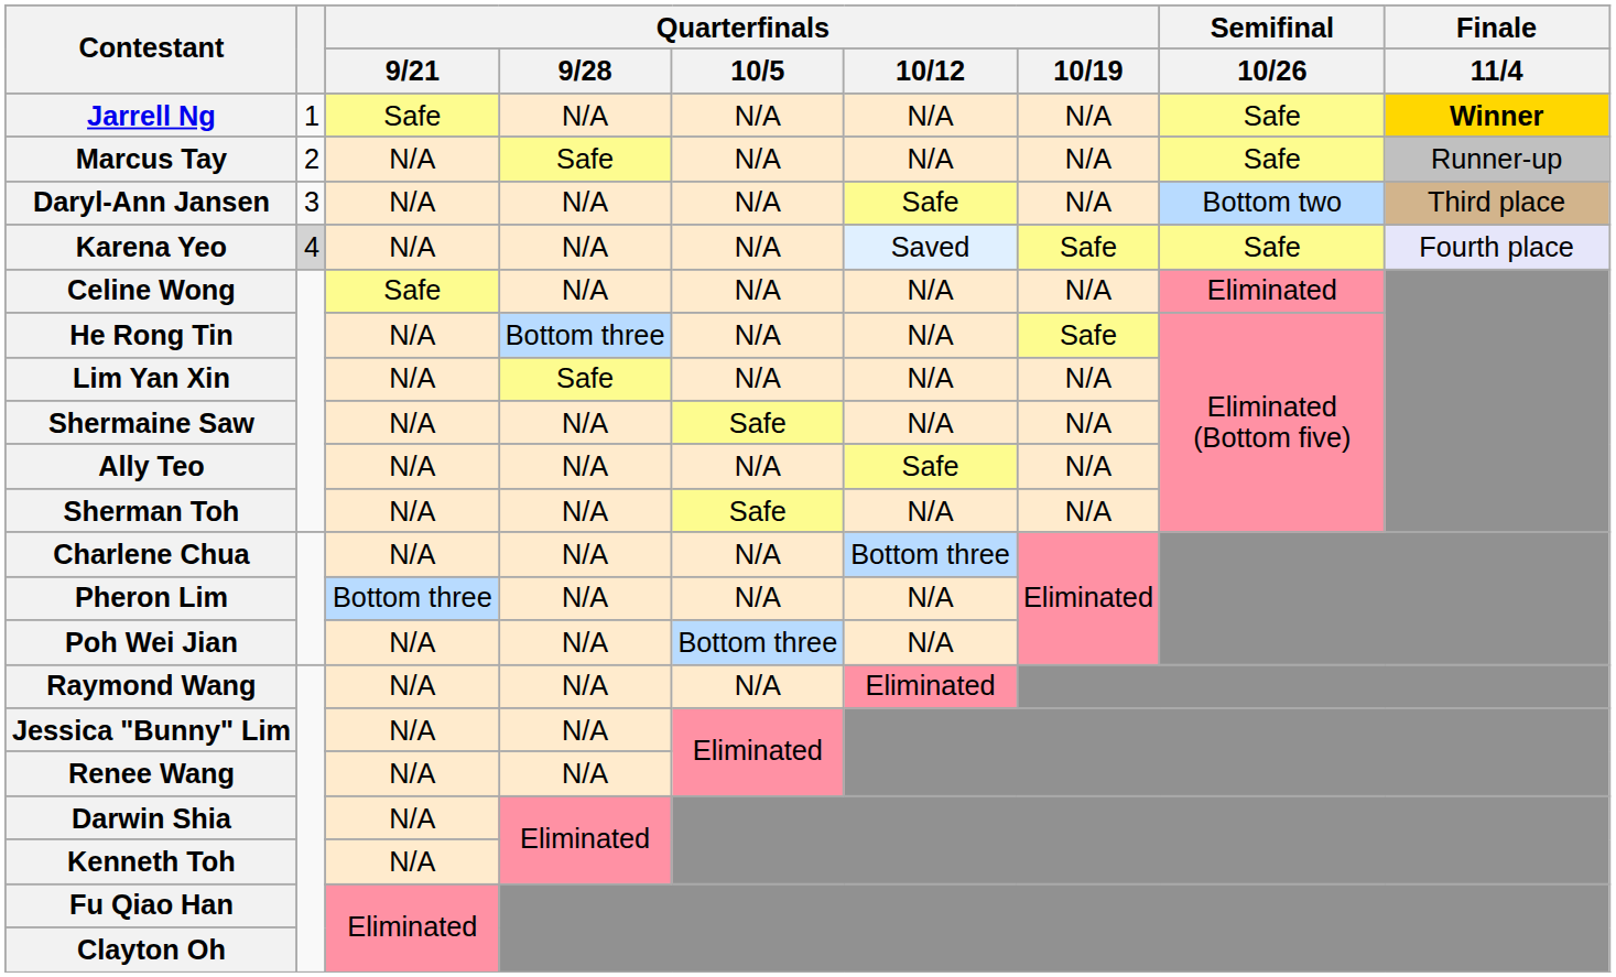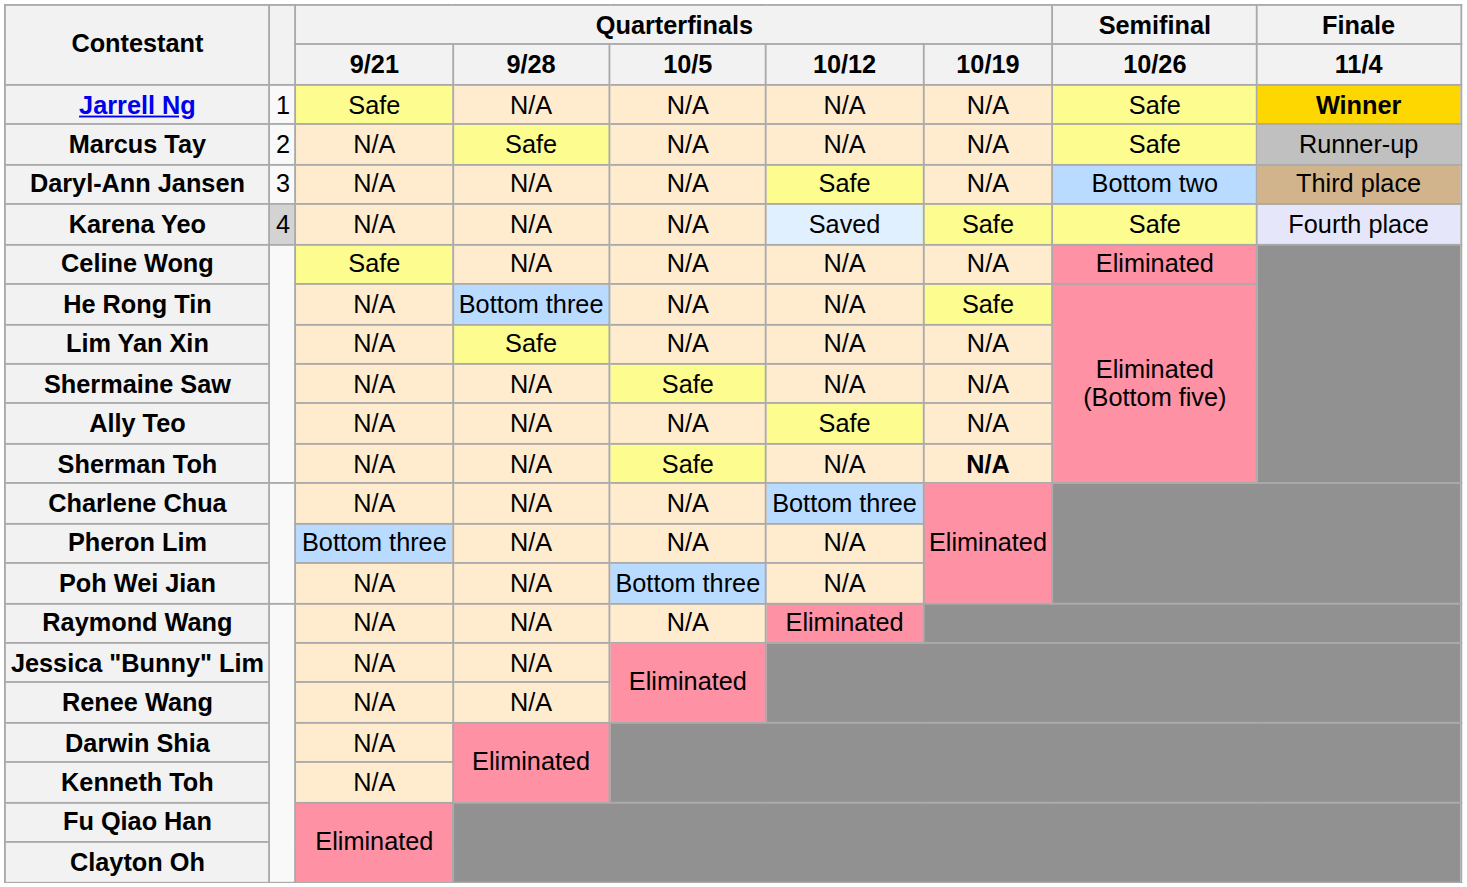 <table class="wikitable" style="text-align:center; font-size:85%;">
 <tr>
 <th scope="col" rowspan="2">Contestant</th>
 <th scope="col" rowspan="2"></th>
 <th colspan="5" scope="col">Quarterfinals</th>
 <th scope="col" style="width:14%;">Semifinal</th>
 <th scope="col" style="width:14%;">Finale</th>
 </tr>
 <tr>
 <th scope="col">9/21</th>
 <th scope="col">9/28</th>
 <th scope="col">10/5</th>
 <th scope="col">10/12</th>
 <th scope="col">10/19</th>
 <th scope="col">10/26</th>
 <th scope="col">11/4</th>
 </tr>
 <tr>
 <th><strong><a href='#'>Jarrell Ng</a></strong></th>
 <td scope="row">1</td>
 <td style="background:#FDFC8F;">Safe</td>
 <td style="background:#FFEBCD;">N/A</td>
 <td style="background:#FFEBCD;">N/A</td>
 <td style="background:#FFEBCD;">N/A</td>
 <td style="background:#FFEBCD;">N/A</td>
 <td style="background:#FDFC8F;">Safe</td>
 <td style="background:gold;"><strong>Winner</strong></td>
 </tr>
 <tr>
 <th>Marcus Tay</th>
 <td scope="row">2</td>
 <td style="background:#FFEBCD;">N/A</td>
 <td style="background:#FDFC8F;">Safe</td>
 <td style="background:#FFEBCD;">N/A</td>
 <td style="background:#FFEBCD;">N/A</td>
 <td style="background:#FFEBCD;">N/A</td>
 <td style="background:#FDFC8F;">Safe</td>
 <td style="background:silver;">Runner-up</td>
 </tr>
 <tr>
 <th>Daryl-Ann Jansen</th>
 <td scope="row">3</td>
 <td style="background:#FFEBCD;">N/A</td>
 <td style="background:#FFEBCD;">N/A</td>
 <td style="background:#FFEBCD;">N/A</td>
 <td style="background:#FDFC8F;">Safe</td>
 <td style="background:#FFEBCD;">N/A</td>
 <td style="background:#b8dbff;">Bottom two</td>
 <td style="background:tan;">Third place</td>
 </tr>
 <tr>
 <th>Karena Yeo</th>
 <td scope="row" style="background: lightgrey;">4</td>
 <td style="background:#FFEBCD;">N/A</td>
 <td style="background:#FFEBCD;">N/A</td>
 <td style="background:#FFEBCD;">N/A</td>
 <td style="background:#e0f0ff;">Saved</td>
 <td style="background:#FDFC8F;">Safe</td>
 <td style="background:#FDFC8F;">Safe</td>
 <td style="background:#E6E6FA;">Fourth place</td>
 </tr>
 <tr>
 <th>Celine Wong</th>
 <td scope="row" rowspan="6"></td>
 <td style="background:#FDFC8F;">Safe</td>
 <td style="background:#FFEBCD;">N/A</td>
 <td style="background:#FFEBCD;">N/A</td>
 <td style="background:#FFEBCD;">N/A</td>
 <td style="background:#FFEBCD;">N/A</td>
 <td style="background:#FF91A4;">Eliminated</td>
 <td style="background:#919191;" rowspan="6"></td>
 </tr>
 <tr>
 <th>He Rong Tin</th>
 <td style="background:#FFEBCD;">N/A</td>
 <td style="background:#b8dbff;">Bottom three</td>
 <td style="background:#FFEBCD;">N/A</td>
 <td style="background:#FFEBCD;">N/A</td>
 <td style="background:#FDFC8F;">Safe</td>
 <td style="background:#FF91A4;" rowspan="5">Eliminated<br>(Bottom five)</td>
 </tr>
 <tr>
 <th>Lim Yan Xin</th>
 <td style="background:#FFEBCD;">N/A</td>
 <td style="background:#FDFC8F;">Safe</td>
 <td style="background:#FFEBCD;">N/A</td>
 <td style="background:#FFEBCD;">N/A</td>
 <td style="background:#FFEBCD;">N/A</td>
 </tr>
 <tr>
 <th>Shermaine Saw</th>
 <td style="background:#FFEBCD;">N/A</td>
 <td style="background:#FFEBCD;">N/A</td>
 <td style="background:#FDFC8F;">Safe</td>
 <td style="background:#FFEBCD;">N/A</td>
 <td style="background:#FFEBCD;">N/A</td>
 </tr>
 <tr>
 <th>Ally Teo</th>
 <td style="background:#FFEBCD;">N/A</td>
 <td style="background:#FFEBCD;">N/A</td>
 <td style="background:#FFEBCD;">N/A</td>
 <td style="background:#FDFC8F;">Safe</td>
 <td style="background:#FFEBCD;">N/A</td>
 </tr>
 <tr>
 <th>Sherman Toh</th>
 <td style="background:#FFEBCD;">N/A</td>
 <td style="background:#FFEBCD;">N/A</td>
 <td style="background:#FDFC8F;">Safe</td>
 <td style="background:#FFEBCD;">N/A</td>
-<td style="background:#FFEBCD;">N/A</td>
+<td style="background:#FFEBCD;"><strong>N/A</strong></td>
 </tr>
 <tr>
 <th>Charlene Chua</th>
 <td scope="row" rowspan="3"></td>
 <td style="background:#FFEBCD;">N/A</td>
 <td style="background:#FFEBCD;">N/A</td>
 <td style="background:#FFEBCD;">N/A</td>
 <td style="background:#b8dbff;">Bottom three</td>
 <td style="background:#FF91A4;" rowspan="3">Eliminated</td>
 <td style="background:#919191;" colspan="4" rowspan="3"></td>
 </tr>
 <tr>
 <th>Pheron Lim</th>
 <td style="background:#b8dbff;">Bottom three</td>
 <td style="background:#FFEBCD;">N/A</td>
 <td style="background:#FFEBCD;">N/A</td>
 <td style="background:#FFEBCD;">N/A</td>
 </tr>
 <tr>
 <th>Poh Wei Jian</th>
 <td style="background:#FFEBCD;">N/A</td>
 <td style="background:#FFEBCD;">N/A</td>
 <td style="background:#b8dbff;">Bottom three</td>
 <td style="background:#FFEBCD;">N/A</td>
 </tr>
 <tr>
 <th>Raymond Wang</th>
 <td scope="row" rowspan="7"></td>
 <td style="background:#FFEBCD;">N/A</td>
 <td style="background:#FFEBCD;">N/A</td>
 <td style="background:#FFEBCD;">N/A</td>
 <td style="background:#FF91A4;">Eliminated</td>
 <td style="background:#919191;" colspan="5"></td>
 </tr>
 <tr>
 <th>Jessica "Bunny" Lim</th>
 <td style="background:#FFEBCD;">N/A</td>
 <td style="background:#FFEBCD;">N/A</td>
 <td style="background:#FF91A4;" rowspan="2">Eliminated</td>
 <td style="background:#919191;" colspan="6" rowspan="2"></td>
 </tr>
 <tr>
 <th>Renee Wang</th>
 <td style="background:#FFEBCD;">N/A</td>
 <td style="background:#FFEBCD;">N/A</td>
 </tr>
 <tr>
 <th>Darwin Shia</th>
 <td style="background:#FFEBCD;">N/A</td>
 <td style="background:#FF91A4;" rowspan="2">Eliminated</td>
 <td style="background:#919191;" colspan="7" rowspan="2"></td>
 </tr>
 <tr>
 <th>Kenneth Toh</th>
 <td style="background:#FFEBCD;">N/A</td>
 </tr>
 <tr>
 <th>Fu Qiao Han</th>
 <td style="background:#FF91A4;" rowspan="2">Eliminated</td>
 <td style="background:#919191;" colspan="8" rowspan="2"></td>
 </tr>
 <tr>
 <th>Clayton Oh</th>
 </tr>
 <tr>
 </tr>
 </table>
